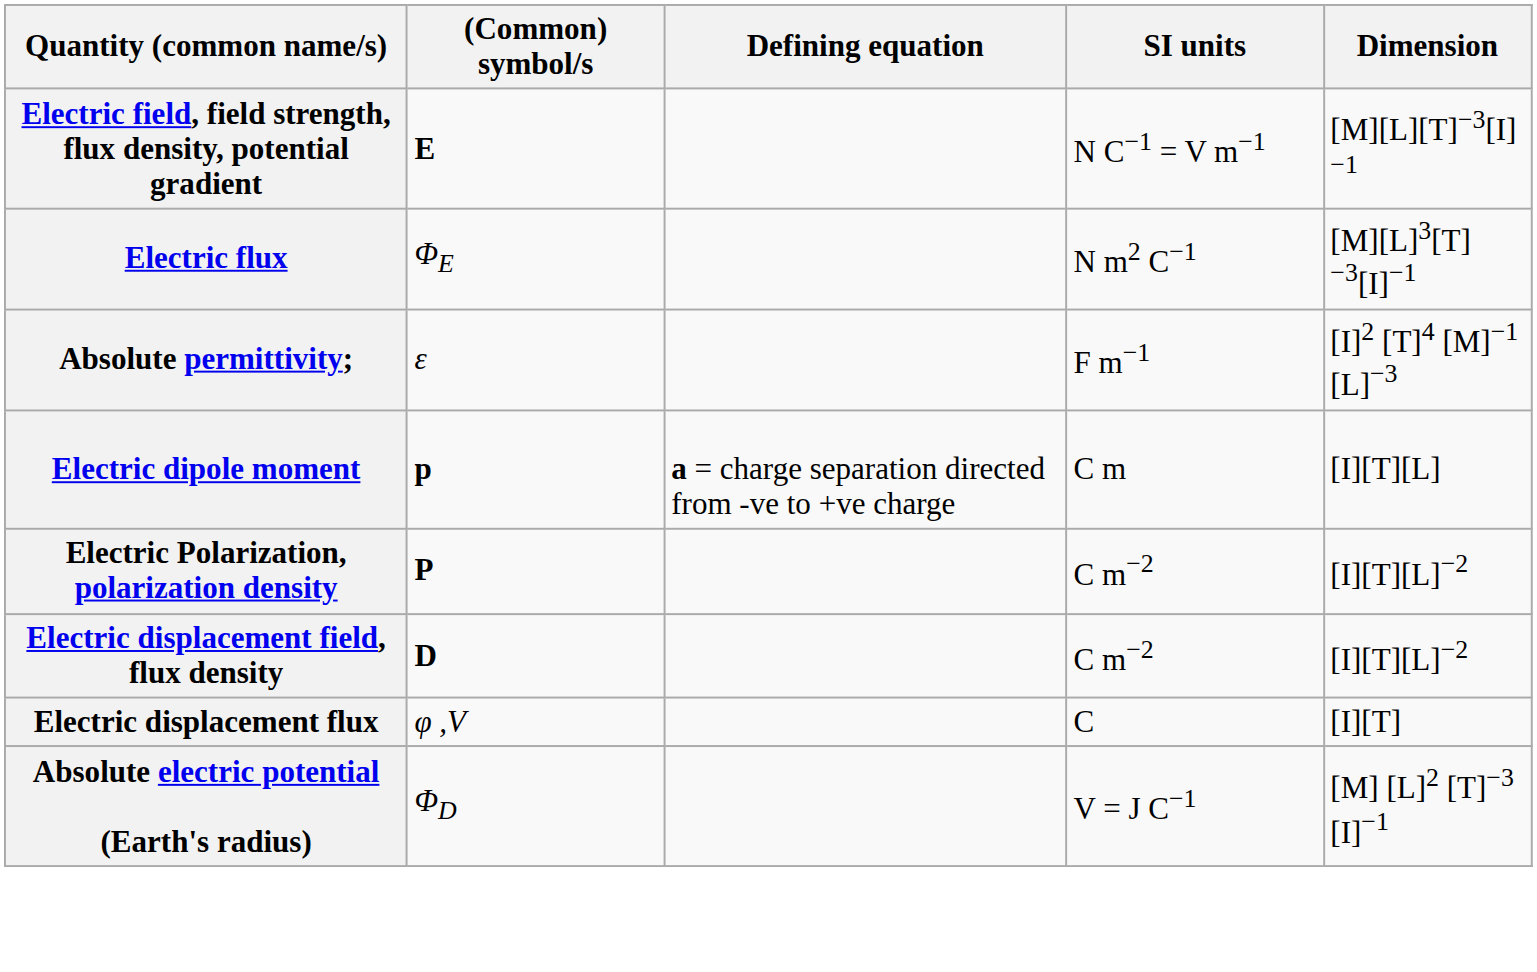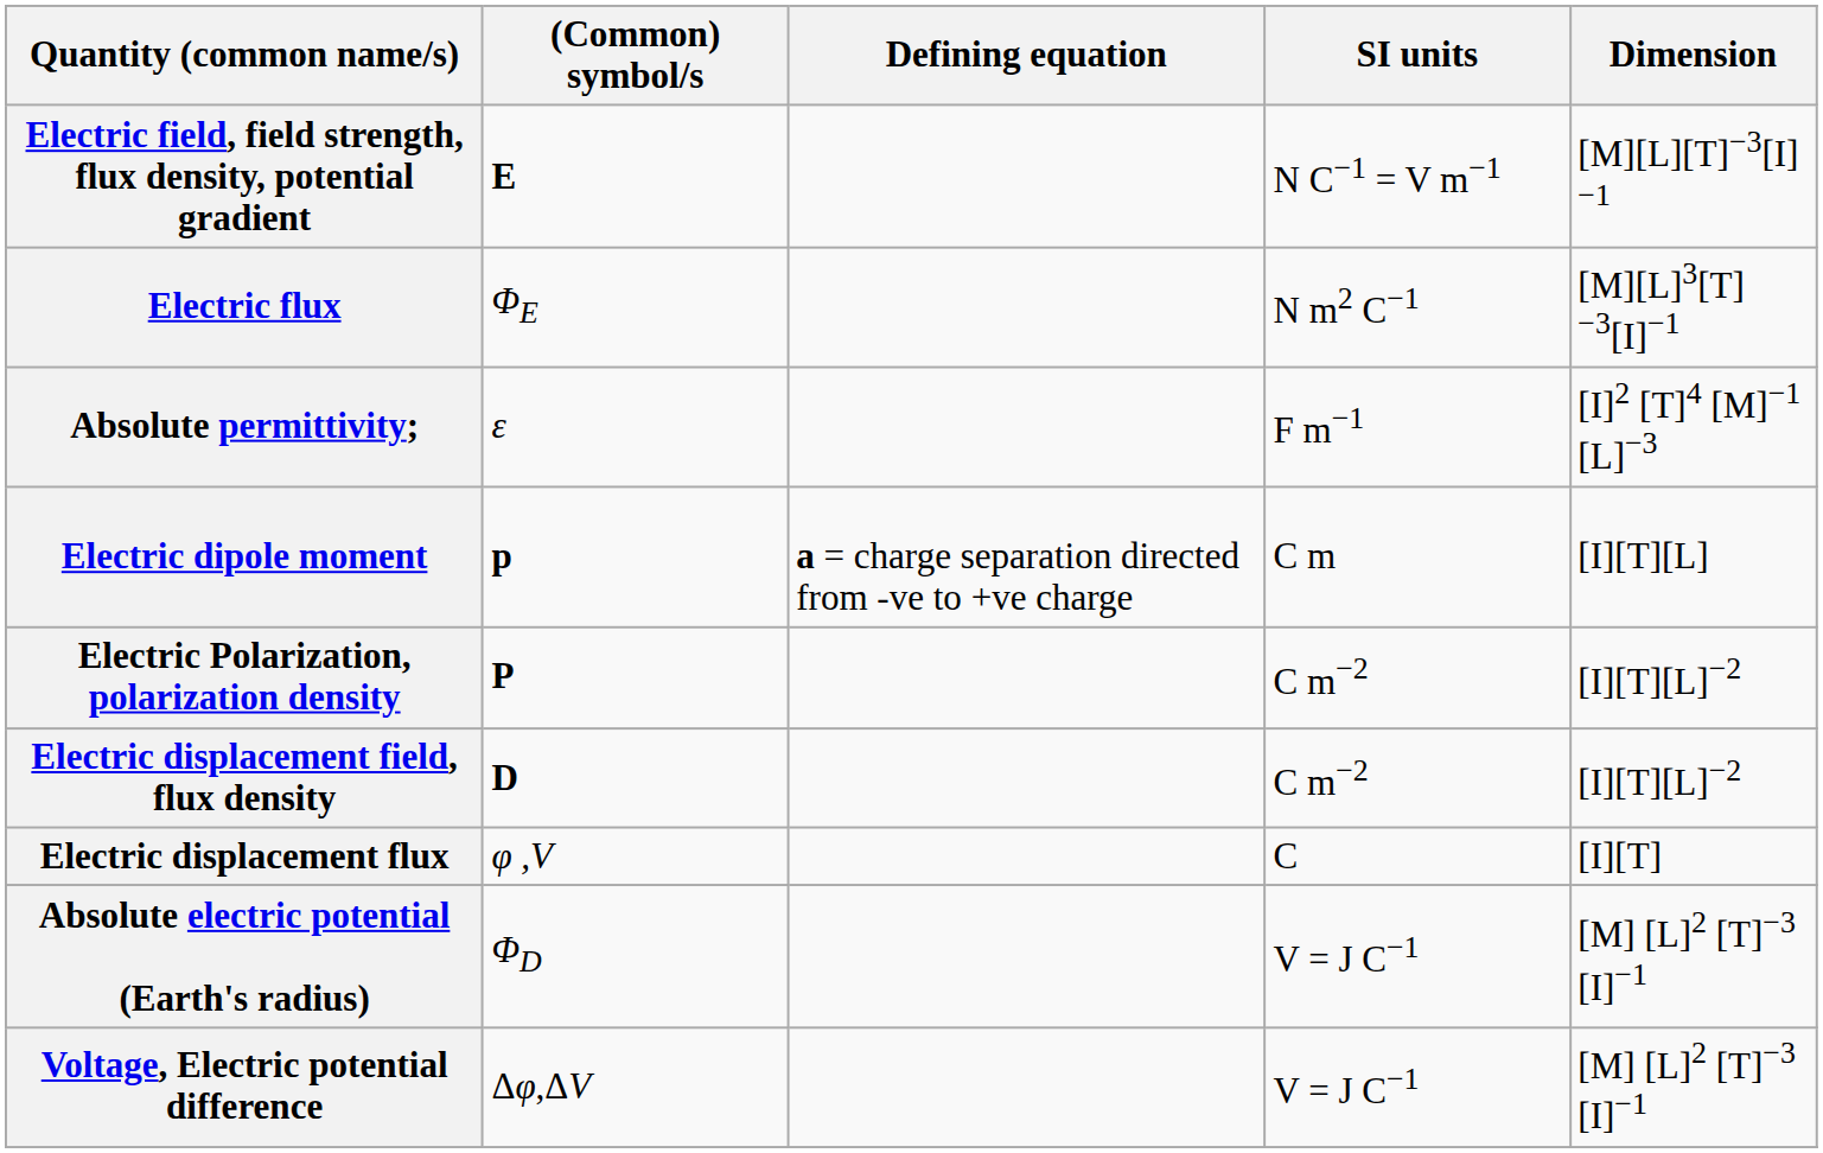 <table class="wikitable">
 <tr>
 <th scope="col" width="200">Quantity (common name/s)</th>
 <th scope="col" width="125">(Common) symbol/s</th>
 <th scope="col" width="200">Defining equation</th>
 <th scope="col" width="125">SI units</th>
 <th scope="col" width="100">Dimension</th>
 </tr>
 <tr>
 <th><a href='#'>Electric field</a>, field strength, flux density, potential gradient</th>
 <td><strong>E</strong></td>
 <td></td>
 <td>N C<sup>−1</sup> = V m<sup>−1</sup></td>
 <td>[M][L][T]<sup>−3</sup>[I]<sup>−1</sup></td>
 </tr>
 <tr>
 <th><a href='#'>Electric flux</a></th>
 <td><em>Φ<sub>E</sub></em></td>
 <td></td>
 <td>N m<sup>2</sup> C<sup>−1</sup></td>
 <td>[M][L]<sup>3</sup>[T]<sup>−3</sup>[I]<sup>−1</sup></td>
 </tr>
 <tr>
 <th>Absolute <a href='#'>permittivity</a>;</th>
 <td><em>ε</em></td>
 <td></td>
 <td>F m<sup>−1</sup></td>
 <td>[I]<sup>2</sup> [T]<sup>4</sup> [M]<sup>−1</sup> [L]<sup>−3</sup></td>
 </tr>
 <tr>
 <th><a href='#'>Electric dipole moment</a></th>
 <td><strong>p</strong></td>
 <td><br><strong>a</strong> = charge separation directed from -ve to +ve charge</td>
 <td>C m</td>
 <td>[I][T][L]</td>
 </tr>
 <tr>
 <th>Electric Polarization, <a href='#'>polarization density</a></th>
 <td><strong>P</strong></td>
 <td></td>
 <td>C m<sup>−2</sup></td>
 <td>[I][T][L]<sup>−2</sup></td>
 </tr>
 <tr>
 <th><a href='#'>Electric displacement field</a>, flux density</th>
 <td><strong>D</strong></td>
 <td></td>
 <td>C m<sup>−2</sup></td>
 <td>[I][T][L]<sup>−2</sup></td>
 </tr>
 <tr>
 <th>Electric displacement flux</th>
 <td><em>φ ,V</em></td>
 <td></td>
 <td>C</td>
 <td>[I][T]</td>
 </tr>
 <tr>
 <th>Absolute <a href='#'>electric potential</a><br><br> (Earth's radius)<br></th>
 <td><em>Φ<sub>D</sub></em></td>
 <td></td>
 <td>V = J C<sup>−1</sup></td>
 <td>[M] [L]<sup>2</sup> [T]<sup>−3</sup> [I]<sup>−1</sup></td>
 </tr>
 <tr>
+<th><a href='#'>Voltage</a>, Electric potential difference</th>
+<td>Δ<em>φ</em>,Δ<em>V</em></td>
+<td></td>
+<td>V = J C<sup>−1</sup></td>
+<td>[M] [L]<sup>2</sup> [T]<sup>−3</sup> [I]<sup>−1</sup></td>
+</tr>
+<tr>
 </tr>
 </table>
